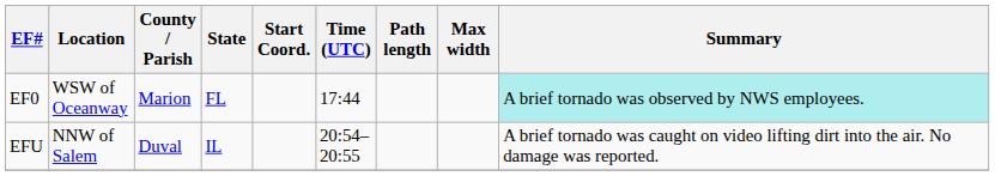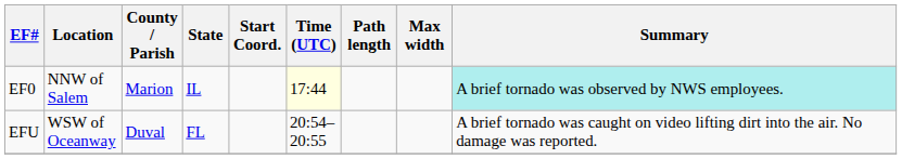 <table class="wikitable sortable" style="width:100%;">
 <tr>
 <th scope="col"  style="width:3%; text-align:center;"><a href='#'>EF#</a></th>
 <th scope="col"  style="width:7%; text-align:center;" class="unsortable">Location</th>
 <th scope="col"  style="width:6%; text-align:center;" class="unsortable">County / Parish</th>
 <th scope="col"  style="width:5%; text-align:center;">State</th>
 <th scope="col"  style="width:6%; text-align:center;">Start Coord.</th>
 <th scope="col"  style="width:6%; text-align:center;">Time (<a href='#'>UTC</a>)</th>
 <th scope="col"  style="width:6%; text-align:center;">Path length</th>
 <th scope="col"  style="width:6%; text-align:center;">Max width</th>
 <th scope="col" class="unsortable" style="width:48%; text-align:center;">Summary</th>
 </tr>
 <tr>
 <td>EF0</td>
-<td>WSW of <a href='#'>Oceanway</a></td>
+<td>NNW of <a href='#'>Salem</a></td>
 <td><a href='#'>Marion</a></td>
-<td><a href='#'>FL</a></td>
+<td><a href='#'>IL</a></td>
 <td></td>
-<td>17:44</td>
+<td style="background: lightyellow;">17:44</td>
 <td></td>
 <td></td>
 <td style="background: paleturquoise;">A brief tornado was observed by NWS employees.</td>
 </tr>
 <tr>
 <td>EFU</td>
-<td>NNW of <a href='#'>Salem</a></td>
+<td>WSW of <a href='#'>Oceanway</a></td>
 <td><a href='#'>Duval</a></td>
-<td><a href='#'>IL</a></td>
+<td><a href='#'>FL</a></td>
 <td></td>
 <td>20:54–20:55</td>
 <td></td>
 <td></td>
 <td>A brief tornado was caught on video lifting dirt into the air. No damage was reported.</td>
 </tr>
 <tr>
 </tr>
 </table>
